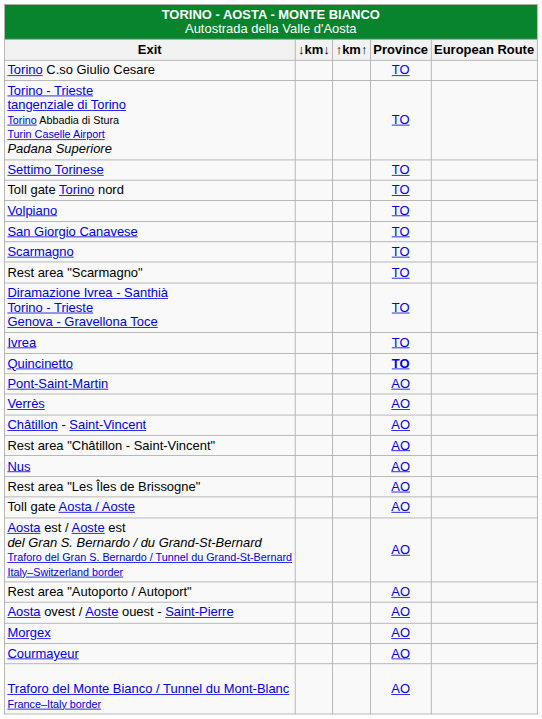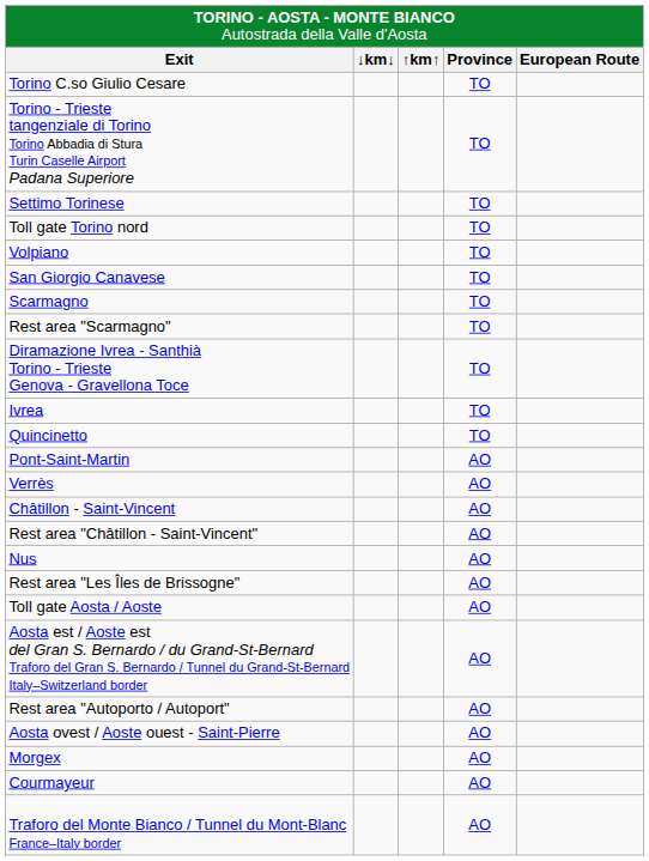 <table class="wikitable" border="1">
 <tr>
 </tr>
 <tr align="center" bgcolor="08842C" style="color: white;font-size:100%;">
 <td colspan="6"><strong> TORINO - AOSTA - MONTE BIANCO</strong><br>Autostrada della Valle d'Aosta</td>
 </tr>
 <tr>
 <th style="text-align:center;"><strong>Exit</strong></th>
 <th style="text-align:center;"><strong>↓km↓</strong></th>
 <th style="text-align:center;"><strong>↑km↑</strong></th>
 <th align="center"><strong>Province</strong></th>
 <th align="center"><strong>European Route</strong></th>
 </tr>
 <tr>
 <td>  <a href='#'>Torino</a> C.so Giulio Cesare</td>
 <td align="right"></td>
 <td align="right"></td>
 <td align="center"><a href='#'>TO</a></td>
 <td align="center"><br></td>
 </tr>
 <tr>
 <td>   <a href='#'>Torino - Trieste</a> <br> <a href='#'>tangenziale di Torino</a><br><small> <a href='#'>Torino</a> Abbadia di Stura</small><br><small>  <a href='#'>Turin Caselle Airport</a></small><br> <em>Padana Superiore</em></td>
 <td align="right"></td>
 <td align="right"></td>
 <td align="center"><a href='#'>TO</a></td>
 <td align="center"></td>
 </tr>
 <tr>
 <td> <a href='#'>Settimo Torinese</a></td>
 <td align="right"></td>
 <td align="right"></td>
 <td align="center"><a href='#'>TO</a></td>
 <td align="center"></td>
 </tr>
 <tr>
 <td> Toll gate <a href='#'>Torino</a> nord</td>
 <td align="right"></td>
 <td align="right"></td>
 <td align="center"><a href='#'>TO</a></td>
 <td align="center"></td>
 </tr>
 <tr>
 <td> <a href='#'>Volpiano</a></td>
 <td align="right"></td>
 <td align="right"></td>
 <td align="center"><a href='#'>TO</a></td>
 <td align="center"></td>
 </tr>
 <tr>
 <td> <a href='#'>San Giorgio Canavese</a></td>
 <td align="right"></td>
 <td align="right"></td>
 <td align="center"><a href='#'>TO</a></td>
 <td align="center"></td>
 </tr>
 <tr>
 <td> <a href='#'>Scarmagno</a></td>
 <td align="right"></td>
 <td align="right"></td>
 <td align="center"><a href='#'>TO</a></td>
 <td align="center"></td>
 </tr>
 <tr>
 <td> Rest area "Scarmagno"</td>
 <td align="right"></td>
 <td align="right"></td>
 <td align="center"><a href='#'>TO</a></td>
 <td align="center"></td>
 </tr>
 <tr>
 <td>   <a href='#'>Diramazione Ivrea - Santhià</a><br>   <a href='#'>Torino - Trieste</a><br>  <a href='#'>Genova - Gravellona Toce</a></td>
 <td align="right"></td>
 <td align="right"></td>
 <td align="center"><a href='#'>TO</a></td>
 <td align="center"><br></td>
 </tr>
 <tr>
 <td> <a href='#'>Ivrea</a></td>
 <td align="right"></td>
 <td align="right"></td>
 <td align="center"><a href='#'>TO</a></td>
 <td align="center"><br></td>
 </tr>
 <tr>
 <td> <a href='#'>Quincinetto</a></td>
 <td align="right"></td>
 <td align="right"></td>
-<td align="center"><strong><a href='#'>TO</a></strong></td>
+<td align="center"><a href='#'>TO</a></td>
 <td align="center"></td>
 </tr>
 <tr>
 <td> <a href='#'>Pont-Saint-Martin</a></td>
 <td align="right"></td>
 <td align="right"></td>
 <td align="center"><a href='#'>AO</a></td>
 <td align="center"></td>
 </tr>
 <tr>
 <td> <a href='#'>Verrès</a></td>
 <td align="right"></td>
 <td align="right"></td>
 <td align="center"><a href='#'>AO</a></td>
 <td align="center"></td>
 </tr>
 <tr>
 <td> <a href='#'>Châtillon</a> - <a href='#'>Saint-Vincent</a></td>
 <td align="right"></td>
 <td align="right"></td>
 <td align="center"><a href='#'>AO</a></td>
 <td align="center"></td>
 </tr>
 <tr>
 <td> Rest area "Châtillon - Saint-Vincent"</td>
 <td align="right"></td>
 <td align="right"></td>
 <td align="center"><a href='#'>AO</a></td>
 <td align="center"></td>
 </tr>
 <tr>
 <td> <a href='#'>Nus</a></td>
 <td align="right"></td>
 <td align="right"></td>
 <td align="center"><a href='#'>AO</a></td>
 <td align="center"></td>
 </tr>
 <tr>
 <td> Rest area "Les Îles de Brissogne"</td>
 <td align="right"></td>
 <td align="right"></td>
 <td align="center"><a href='#'>AO</a></td>
 <td align="center"></td>
 </tr>
 <tr>
 <td> Toll gate <a href='#'>Aosta / Aoste</a></td>
 <td align="right"></td>
 <td align="right"></td>
 <td align="center"><a href='#'>AO</a></td>
 <td align="center"></td>
 </tr>
 <tr>
 <td> <a href='#'>Aosta</a> est / <a href='#'>Aoste</a> est<br>  <em>del Gran S. Bernardo / du Grand-St-Bernard</em><br><small> <a href='#'>Traforo del Gran S. Bernardo / Tunnel du Grand-St-Bernard</a></small><br> <small><a href='#'>Italy–Switzerland border</a></small></td>
 <td align="right"></td>
 <td align="right"></td>
 <td align="center"><a href='#'>AO</a></td>
 <td align="center"></td>
 </tr>
 <tr>
 <td> Rest area "Autoporto / Autoport"</td>
 <td align="right"></td>
 <td align="right"></td>
 <td align="center"><a href='#'>AO</a></td>
 <td align="center"></td>
 </tr>
 <tr>
 <td> <a href='#'>Aosta</a> ovest / <a href='#'>Aoste</a> ouest - <a href='#'>Saint-Pierre</a></td>
 <td align="right"></td>
 <td align="right"></td>
 <td align="center"><a href='#'>AO</a></td>
 <td align="center"></td>
 </tr>
 <tr>
 <td> <a href='#'>Morgex</a></td>
 <td align="right"></td>
 <td align="right"></td>
 <td align="center"><a href='#'>AO</a></td>
 <td align="center"></td>
 </tr>
 <tr>
 <td> <a href='#'>Courmayeur</a></td>
 <td align="right"></td>
 <td align="right"></td>
 <td align="center"><a href='#'>AO</a></td>
 <td align="center"></td>
 </tr>
 <tr>
 <td> <small> </small> <br> <a href='#'>Traforo del Monte Bianco / Tunnel du Mont-Blanc</a><br>  <small><a href='#'>France–Italy border</a></small></td>
 <td align="right"></td>
 <td align="right"></td>
 <td align="center"><a href='#'>AO</a></td>
 <td align="center"></td>
 </tr>
 </table>
